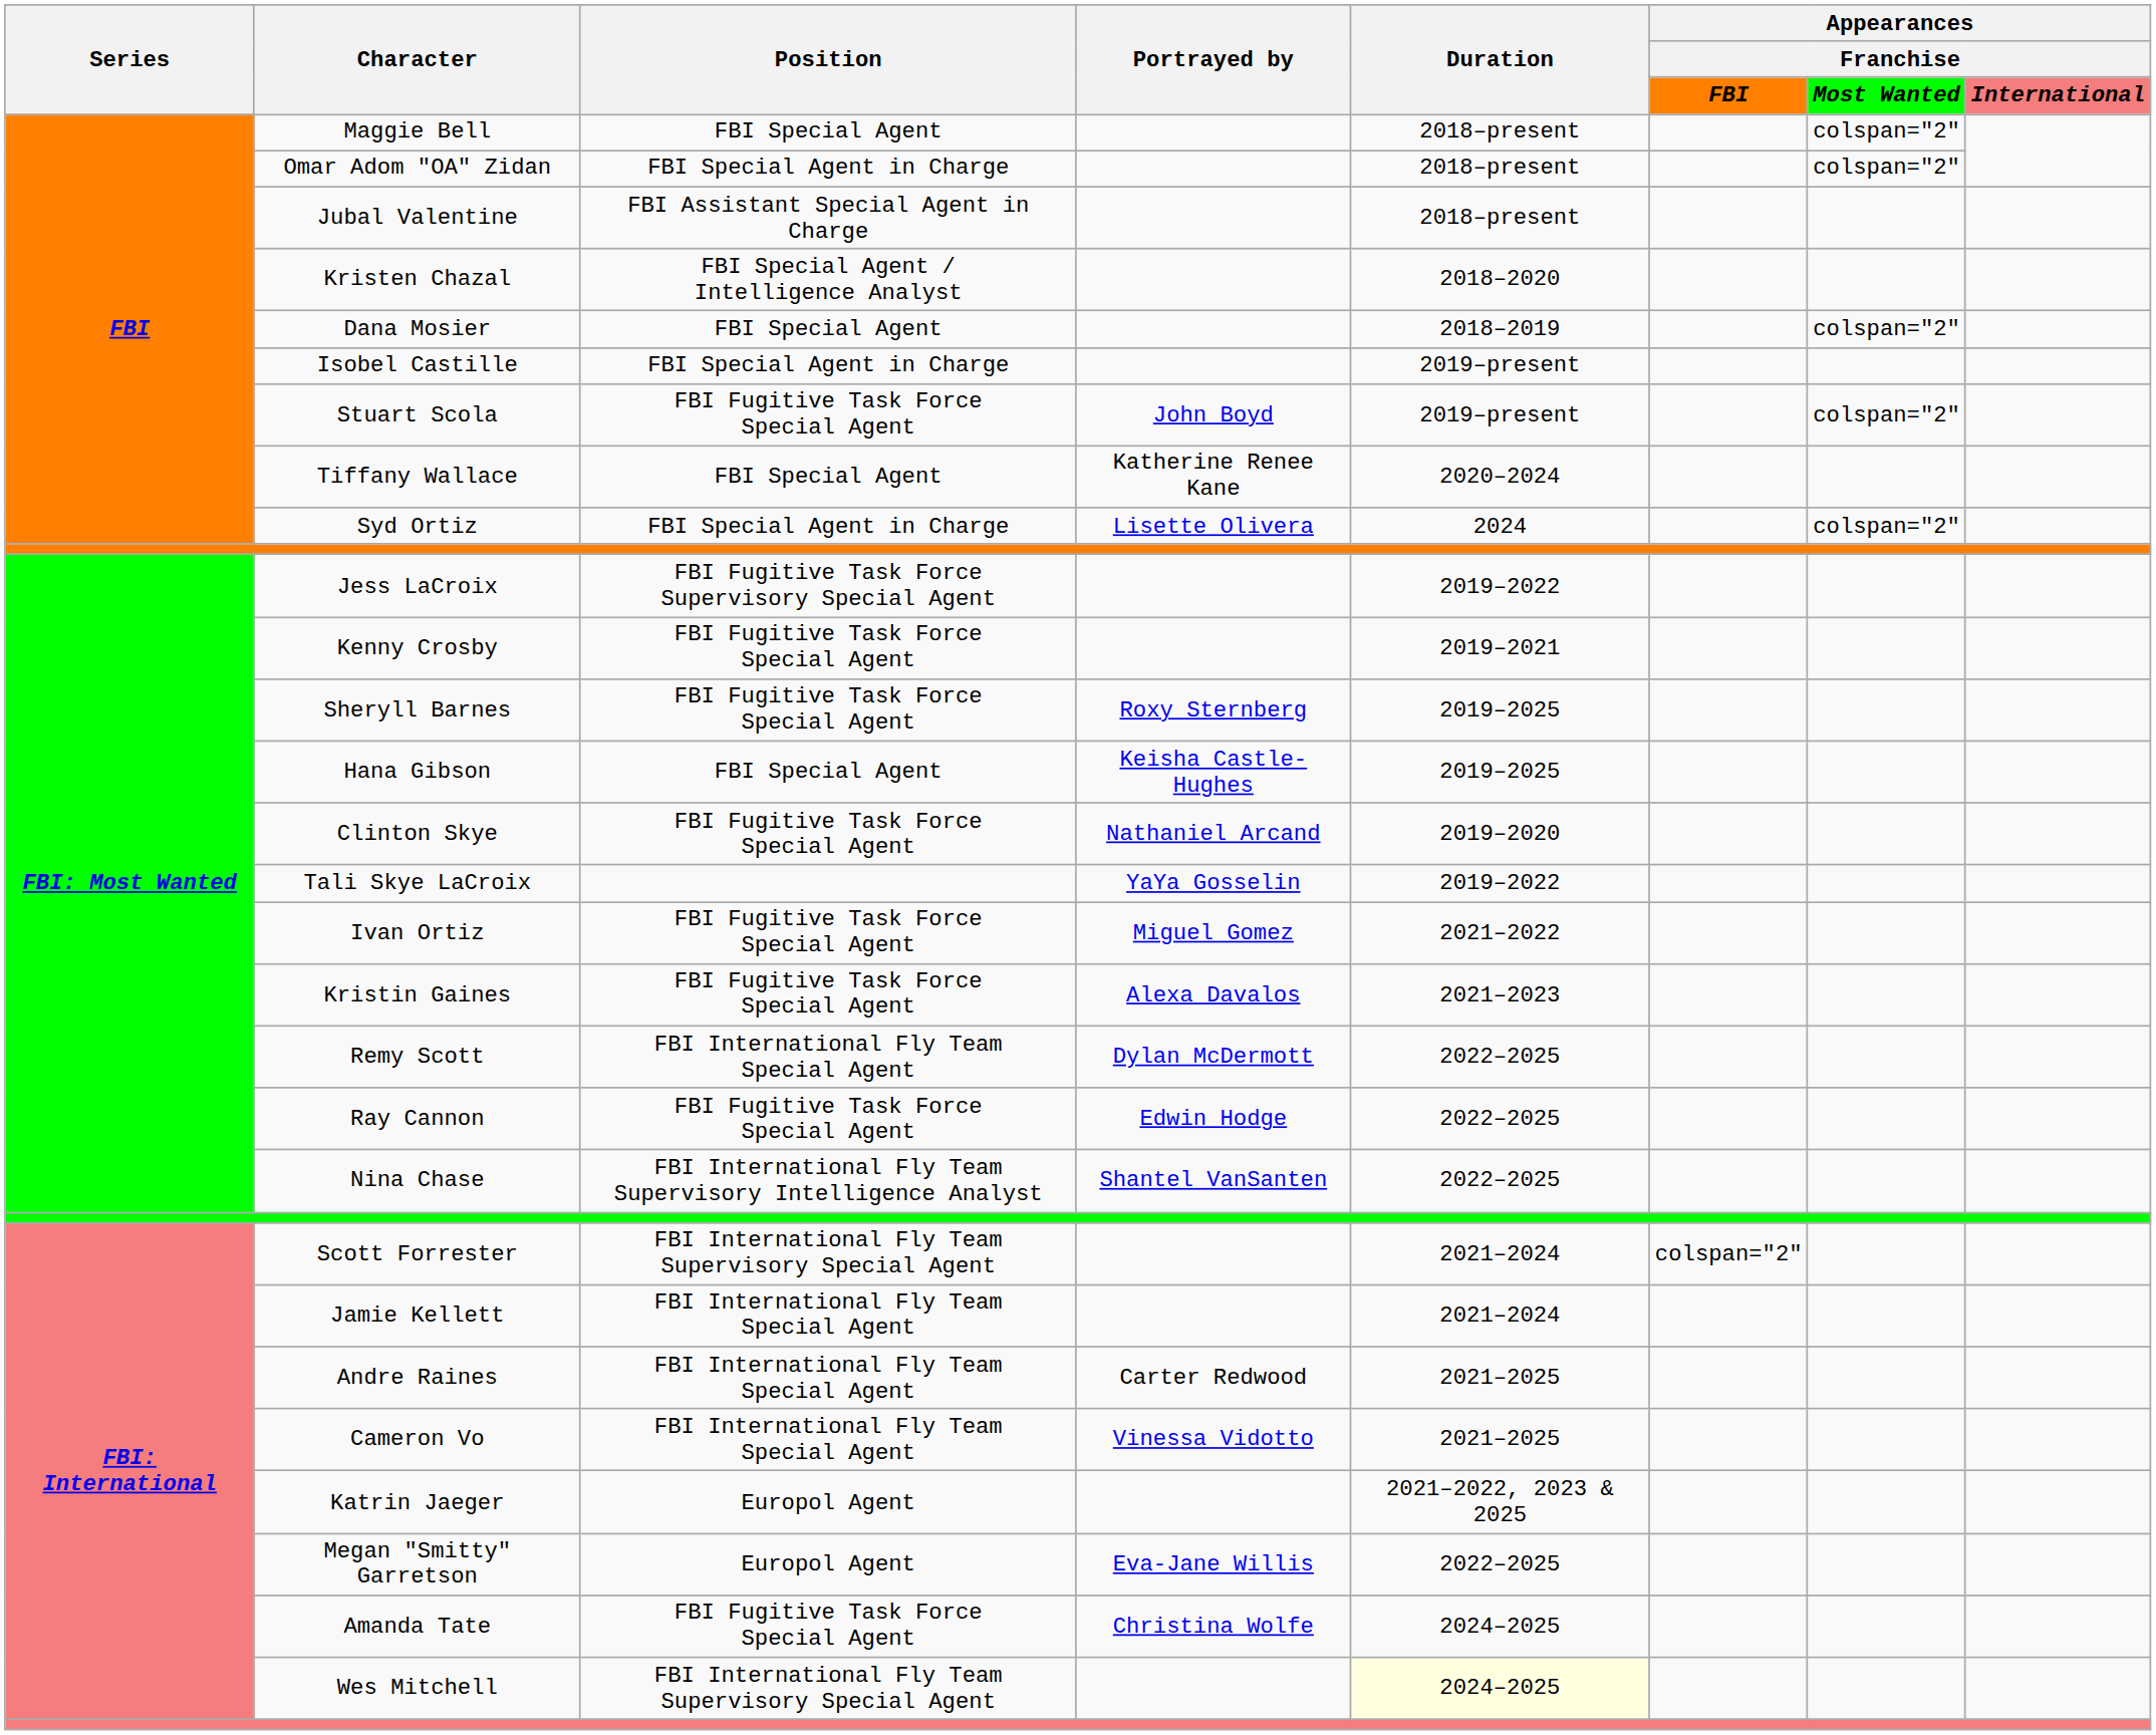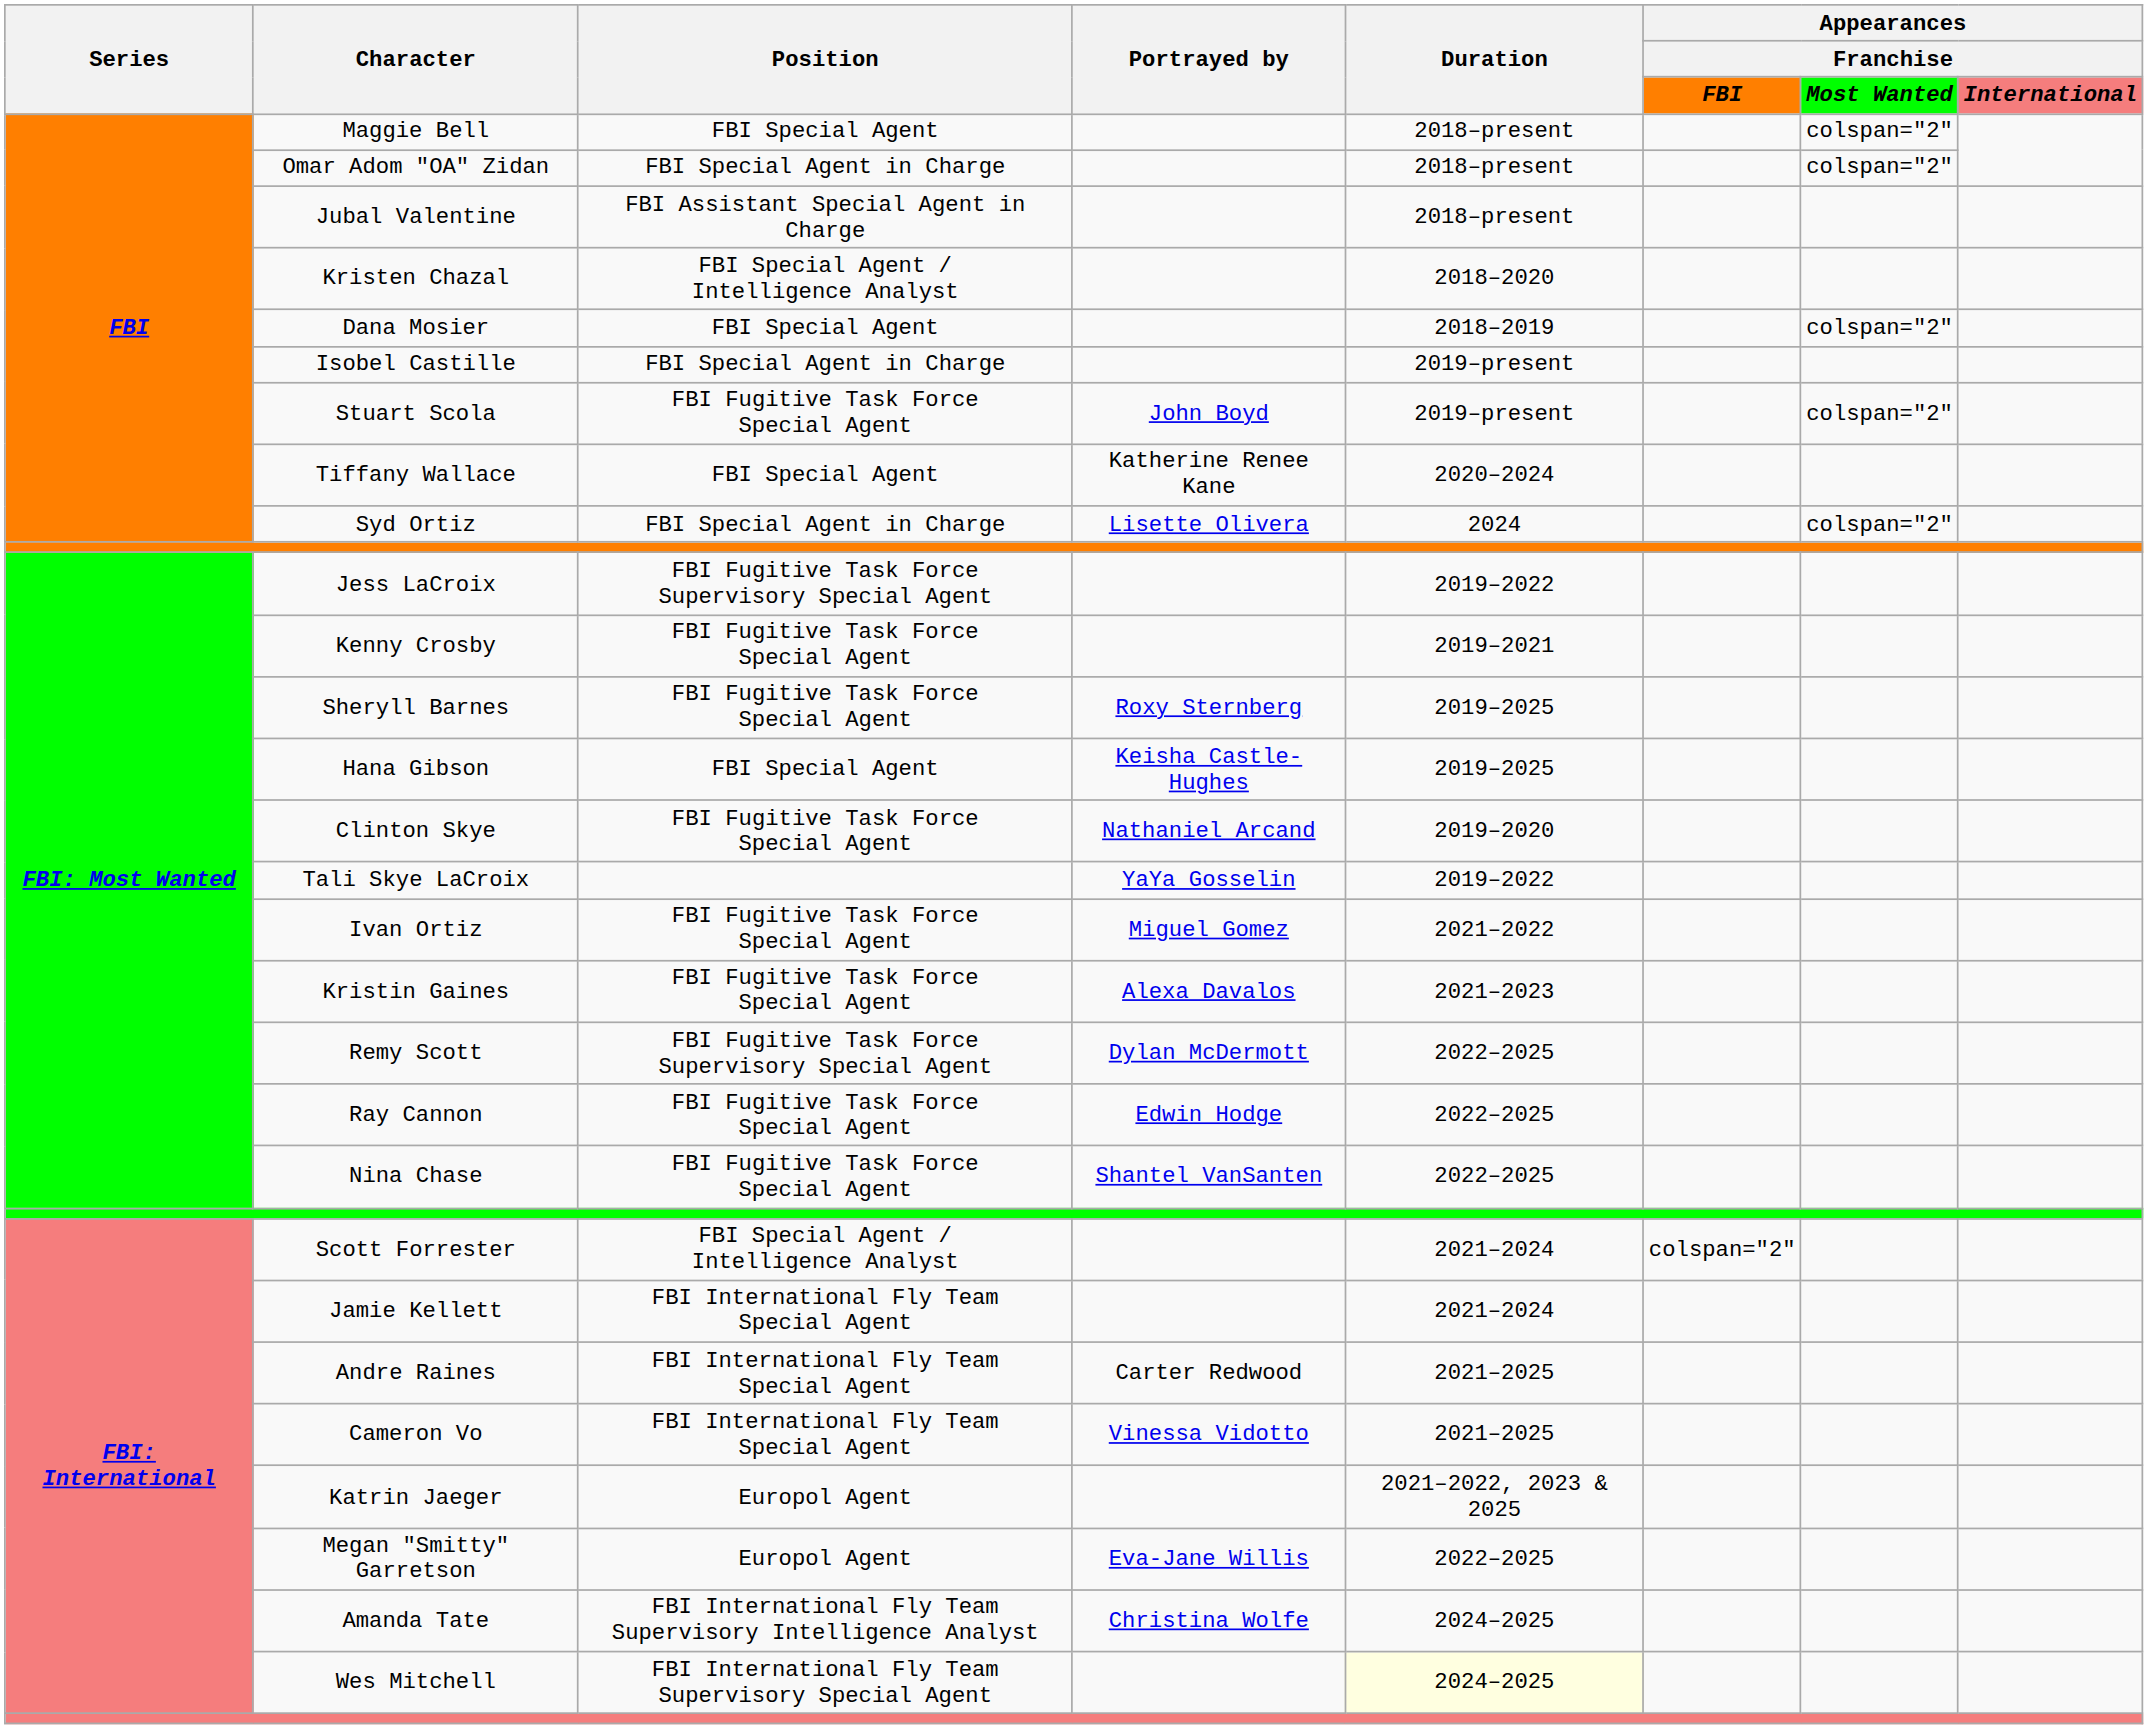 <table class="wikitable plainrowheaders" style="text-align:center;">
 <tr>
 <th scope="col" rowspan="3">Series</th>
 <th scope="col" rowspan="3">Character</th>
 <th scope="col" rowspan="3">Position</th>
 <th scope="col" rowspan="3">Portrayed by</th>
 <th scope="col" rowspan="3" data-sort-type="number">Duration</th>
 <th scope="col" colspan="6" data-sort-type="number">Appearances</th>
 </tr>
 <tr>
 <th scope="col" colspan="4">Franchise</th>
 </tr>
 <tr>
 <th scope="col" style="background:#FF7F00;"><em>FBI</em></th>
 <th scope="col" style="background:#00FF00;"><em>Most Wanted</em></th>
 <th scope="col" style="background:#F57D7D;"><em>International</em></th>
 </tr>
 <tr>
 <td style="background:#FF7F00;" rowspan="9"><strong><em><a href='#'>FBI</a></em></strong></td>
 <td scope="row">Maggie Bell</td>
 <td scope="row">FBI Special Agent</td>
 <td></td>
 <td>2018–present</td>
 <td></td>
 <td>colspan="2" </td>
 </tr>
 <tr>
 <td scope="row">Omar Adom "OA" Zidan</td>
 <td scope="row">FBI Special Agent in Charge</td>
 <td></td>
 <td>2018–present</td>
 <td></td>
 <td>colspan="2" </td>
 </tr>
 <tr>
 <td scope="row">Jubal Valentine</td>
 <td scope="row">FBI Assistant Special Agent in Charge</td>
 <td></td>
 <td>2018–present</td>
 <td></td>
 <td></td>
 <td></td>
 </tr>
 <tr>
 <td scope="row">Kristen Chazal</td>
 <td scope="row">FBI Special Agent /<br>Intelligence Analyst</td>
 <td></td>
 <td>2018–2020</td>
 <td></td>
 <td></td>
 <td></td>
 </tr>
 <tr>
 <td scope="row">Dana Mosier</td>
 <td scope="row">FBI Special Agent</td>
 <td></td>
 <td>2018–2019</td>
 <td></td>
 <td>colspan="2" </td>
 </tr>
 <tr>
 <td scope="row">Isobel Castille</td>
 <td scope="row">FBI Special Agent in Charge</td>
 <td></td>
 <td>2019–present</td>
 <td></td>
 <td></td>
 <td></td>
 </tr>
 <tr>
 <td scope="row">Stuart Scola</td>
 <td scope="row">FBI Fugitive Task Force <br>Special Agent</td>
 <td><a href='#'>John Boyd</a></td>
 <td>2019–present</td>
 <td></td>
 <td>colspan="2" </td>
 </tr>
 <tr>
 <td scope="row">Tiffany Wallace</td>
 <td scope="row">FBI Special Agent</td>
 <td>Katherine Renee Kane</td>
 <td>2020–2024</td>
 <td></td>
 <td></td>
 <td></td>
 </tr>
 <tr>
 <td scope="row">Syd Ortiz</td>
 <td scope="row">FBI Special Agent in Charge</td>
 <td><a href='#'>Lisette Olivera</a></td>
 <td>2024</td>
 <td></td>
 <td>colspan="2" </td>
 </tr>
 <tr>
 <td style="background:#FF7F00;" colspan="9”"></td>
 </tr>
 <tr>
 <td style="background:#00FF00;" rowspan="11"><strong><em><a href='#'>FBI: Most Wanted</a></em></strong></td>
 <td scope="row">Jess LaCroix</td>
 <td scope="row">FBI  Fugitive Task Force <br>Supervisory Special Agent</td>
 <td></td>
 <td>2019–2022</td>
 <td></td>
 <td></td>
 <td></td>
 </tr>
 <tr>
 <td scope="row">Kenny Crosby</td>
 <td scope="row">FBI Fugitive Task Force <br>Special Agent</td>
 <td></td>
 <td>2019–2021</td>
 <td></td>
 <td></td>
 <td></td>
 </tr>
 <tr>
 <td scope="row">Sheryll Barnes</td>
 <td scope="row">FBI Fugitive Task Force <br>Special Agent</td>
 <td><a href='#'>Roxy Sternberg</a></td>
 <td>2019–2025</td>
 <td></td>
 <td></td>
 <td></td>
 </tr>
 <tr>
 <td scope="row">Hana Gibson</td>
 <td scope="row">FBI Special Agent</td>
 <td><a href='#'>Keisha Castle-Hughes</a></td>
 <td>2019–2025</td>
 <td></td>
 <td></td>
 <td></td>
 </tr>
 <tr>
 <td scope="row">Clinton Skye</td>
 <td scope="row">FBI Fugitive Task Force <br>Special Agent</td>
 <td><a href='#'>Nathaniel Arcand</a></td>
 <td>2019–2020</td>
 <td></td>
 <td></td>
 <td></td>
 </tr>
 <tr>
 <td scope="row">Tali Skye LaCroix</td>
 <td></td>
 <td><a href='#'>YaYa Gosselin</a></td>
 <td>2019–2022</td>
 <td></td>
 <td></td>
 <td></td>
 </tr>
 <tr>
 <td scope="row">Ivan Ortiz</td>
 <td scope="row">FBI Fugitive Task Force <br>Special Agent</td>
 <td><a href='#'>Miguel Gomez</a></td>
 <td>2021–2022</td>
 <td></td>
 <td></td>
 <td></td>
 </tr>
 <tr>
 <td scope="row">Kristin Gaines</td>
 <td scope="row">FBI Fugitive Task Force <br>Special Agent</td>
 <td><a href='#'>Alexa Davalos</a></td>
 <td>2021–2023</td>
 <td></td>
 <td></td>
 <td></td>
 </tr>
 <tr>
 <td scope="row">Remy Scott</td>
-<td scope="row">FBI International Fly Team <br>Special Agent</td>
+<td scope="row">FBI Fugitive Task Force <br>Supervisory Special Agent</td>
 <td><a href='#'>Dylan McDermott</a></td>
 <td>2022–2025</td>
 <td></td>
 <td></td>
 <td></td>
 </tr>
 <tr>
 <td scope="row">Ray Cannon</td>
 <td scope="row">FBI Fugitive Task Force <br>Special Agent</td>
 <td><a href='#'>Edwin Hodge</a></td>
 <td>2022–2025</td>
 <td></td>
 <td></td>
 <td></td>
 </tr>
 <tr>
 <td scope="row">Nina Chase</td>
-<td scope="row">FBI International Fly Team <br>Supervisory Intelligence Analyst</td>
+<td scope="row">FBI Fugitive Task Force <br>Special Agent</td>
 <td><a href='#'>Shantel VanSanten</a></td>
 <td>2022–2025</td>
 <td></td>
 <td></td>
 <td></td>
 </tr>
 <tr>
 <td style="background:#00FF00;" colspan="9"></td>
 </tr>
 <tr>
 <td style="background:#F57D7D;" rowspan="8"><strong><em><a href='#'>FBI: International</a></em></strong></td>
 <td scope="row">Scott Forrester</td>
-<td scope="row">FBI International Fly Team  <br>Supervisory Special Agent</td>
+<td scope="row">FBI Special Agent /<br>Intelligence Analyst</td>
 <td></td>
 <td>2021–2024</td>
 <td>colspan="2" </td>
 <td></td>
 </tr>
 <tr>
 <td scope="row">Jamie Kellett</td>
 <td scope="row">FBI International Fly Team <br>Special Agent</td>
 <td></td>
 <td>2021–2024</td>
 <td></td>
 <td></td>
 <td></td>
 </tr>
 <tr>
 <td scope="row">Andre Raines</td>
 <td scope="row">FBI International Fly Team <br>Special Agent</td>
 <td>Carter Redwood</td>
 <td>2021–2025</td>
 <td></td>
 <td></td>
 <td></td>
 </tr>
 <tr>
 <td scope="row">Cameron Vo</td>
 <td scope="row">FBI International Fly Team <br>Special Agent</td>
 <td><a href='#'>Vinessa Vidotto</a></td>
 <td>2021–2025</td>
 <td></td>
 <td></td>
 <td></td>
 </tr>
 <tr>
 <td scope="row">Katrin Jaeger</td>
 <td scope="row">Europol Agent</td>
 <td></td>
 <td>2021–2022, 2023 & 2025</td>
 <td></td>
 <td></td>
 <td></td>
 </tr>
 <tr>
 <td scope="row">Megan "Smitty" Garretson</td>
 <td scope="row">Europol Agent</td>
 <td><a href='#'>Eva-Jane Willis</a></td>
 <td>2022–2025</td>
 <td></td>
 <td></td>
 <td></td>
 </tr>
 <tr>
 <td scope="row">Amanda Tate</td>
-<td scope="row">FBI Fugitive Task Force <br>Special Agent</td>
+<td scope="row">FBI International Fly Team <br>Supervisory Intelligence Analyst</td>
 <td><a href='#'>Christina Wolfe</a></td>
 <td>2024–2025</td>
 <td></td>
 <td></td>
 <td></td>
 </tr>
 <tr>
 <td scope="row">Wes Mitchell</td>
 <td scope="row">FBI International Fly Team  <br>Supervisory Special Agent</td>
 <td></td>
 <td style="background: lightyellow;">2024–2025</td>
 <td></td>
 <td></td>
 <td></td>
 </tr>
 <tr>
 <td style="background:#F57D7D;" colspan="9"></td>
 </tr>
 </table>
